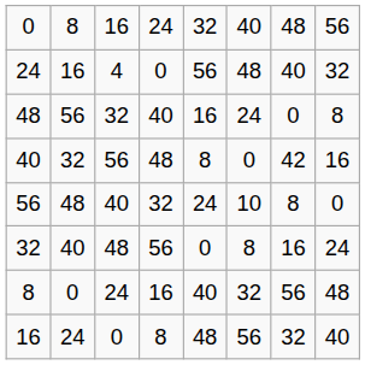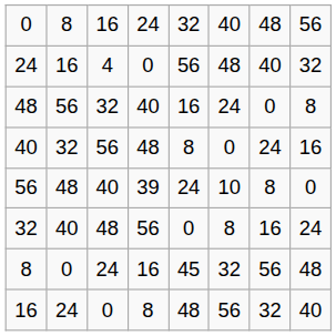 <table class="wikitable" style="margin-left:auto;margin-right:auto;text-align:center;width:16em;height:16em;table-layout:fixed;">
 <tr>
 <td>0</td>
 <td>8</td>
 <td>16</td>
 <td>24</td>
 <td>32</td>
 <td>40</td>
 <td>48</td>
 <td>56</td>
 </tr>
 <tr>
 <td>24</td>
 <td>16</td>
 <td>4</td>
 <td>0</td>
 <td>56</td>
 <td>48</td>
 <td>40</td>
 <td>32</td>
 </tr>
 <tr>
 <td>48</td>
 <td>56</td>
 <td>32</td>
 <td>40</td>
 <td>16</td>
 <td>24</td>
 <td>0</td>
 <td>8</td>
 </tr>
 <tr>
 <td>40</td>
 <td>32</td>
 <td>56</td>
 <td>48</td>
 <td>8</td>
 <td>0</td>
-<td>42</td>
+<td>24</td>
 <td>16</td>
 </tr>
 <tr>
 <td>56</td>
 <td>48</td>
 <td>40</td>
-<td>32</td>
+<td>39</td>
 <td>24</td>
 <td>10</td>
 <td>8</td>
 <td>0</td>
 </tr>
 <tr>
 <td>32</td>
 <td>40</td>
 <td>48</td>
 <td>56</td>
 <td>0</td>
 <td>8</td>
 <td>16</td>
 <td>24</td>
 </tr>
 <tr>
 <td>8</td>
 <td>0</td>
 <td>24</td>
 <td>16</td>
-<td>40</td>
+<td>45</td>
 <td>32</td>
 <td>56</td>
 <td>48</td>
 </tr>
 <tr>
 <td>16</td>
 <td>24</td>
 <td>0</td>
 <td>8</td>
 <td>48</td>
 <td>56</td>
 <td>32</td>
 <td>40</td>
 </tr>
 </table>
